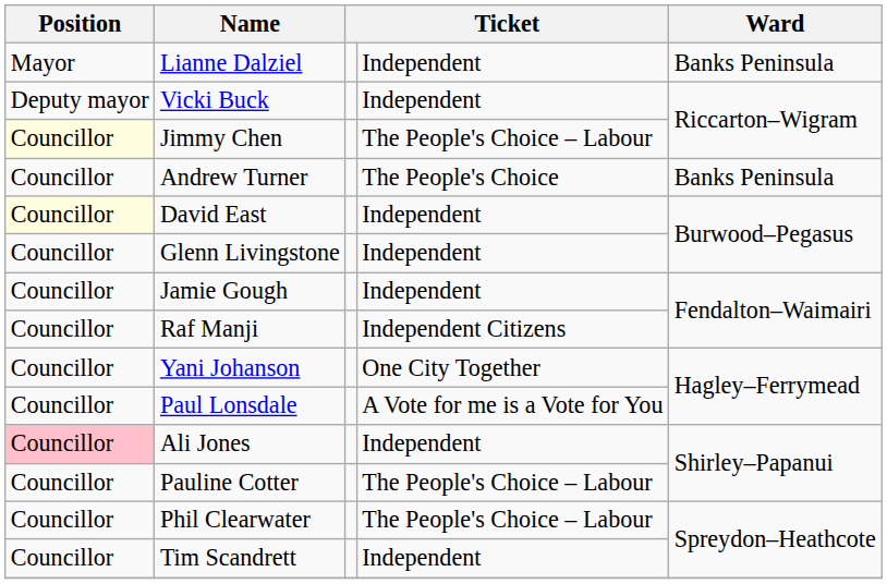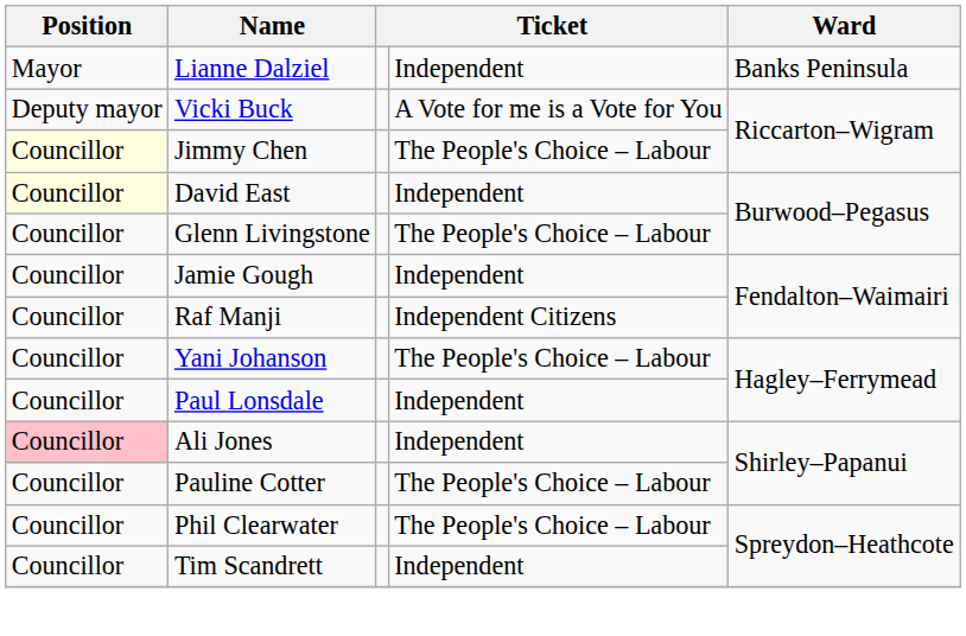 <table class="wikitable" border="1">
 <tr>
 <th>Position</th>
 <th>Name</th>
 <th Colspan=2>Ticket</th>
 <th>Ward</th>
 </tr>
 <tr>
 <td>Mayor</td>
 <td><a href='#'>Lianne Dalziel</a></td>
 <td></td>
 <td>Independent</td>
 <td>Banks Peninsula</td>
 </tr>
 <tr>
 <td>Deputy mayor</td>
 <td><a href='#'>Vicki Buck</a></td>
 <td></td>
-<td>Independent</td>
+<td>A Vote for me is a Vote for You</td>
 <td rowspan=2>Riccarton–Wigram</td>
 </tr>
 <tr>
 <td style="background: lightyellow;">Councillor</td>
 <td>Jimmy Chen</td>
 <td></td>
 <td>The People's Choice – Labour</td>
-</tr>
-<tr>
-<td>Councillor</td>
-<td>Andrew Turner</td>
-<td></td>
-<td>The People's Choice</td>
-<td>Banks Peninsula</td>
 </tr>
 <tr>
 <td style="background: lightyellow;">Councillor</td>
 <td>David East</td>
 <td></td>
 <td>Independent</td>
 <td rowspan=2>Burwood–Pegasus</td>
 </tr>
 <tr>
 <td>Councillor</td>
 <td>Glenn Livingstone</td>
 <td></td>
-<td>Independent</td>
+<td>The People's Choice – Labour</td>
 </tr>
 <tr>
 <td>Councillor</td>
 <td>Jamie Gough</td>
 <td></td>
 <td>Independent</td>
 <td rowspan=2>Fendalton–Waimairi</td>
 </tr>
 <tr>
 <td>Councillor</td>
 <td>Raf Manji</td>
 <td></td>
 <td>Independent Citizens</td>
 </tr>
 <tr>
 <td>Councillor</td>
 <td><a href='#'>Yani Johanson</a></td>
 <td></td>
-<td>One City Together</td>
+<td>The People's Choice – Labour</td>
 <td rowspan=2>Hagley–Ferrymead</td>
 </tr>
 <tr>
 <td>Councillor</td>
 <td><a href='#'>Paul Lonsdale</a></td>
 <td></td>
-<td>A Vote for me is a Vote for You</td>
+<td>Independent</td>
 </tr>
 <tr>
 <td style="background: pink;">Councillor</td>
 <td>Ali Jones</td>
 <td></td>
 <td>Independent</td>
 <td rowspan=2>Shirley–Papanui</td>
 </tr>
 <tr>
 <td>Councillor</td>
 <td>Pauline Cotter</td>
 <td></td>
 <td>The People's Choice – Labour</td>
 </tr>
 <tr>
 <td>Councillor</td>
 <td>Phil Clearwater</td>
 <td></td>
 <td>The People's Choice – Labour</td>
 <td rowspan=2>Spreydon–Heathcote</td>
 </tr>
 <tr>
 <td>Councillor</td>
 <td>Tim Scandrett</td>
 <td></td>
 <td>Independent</td>
 </tr>
 <tr>
 </tr>
 </table>
